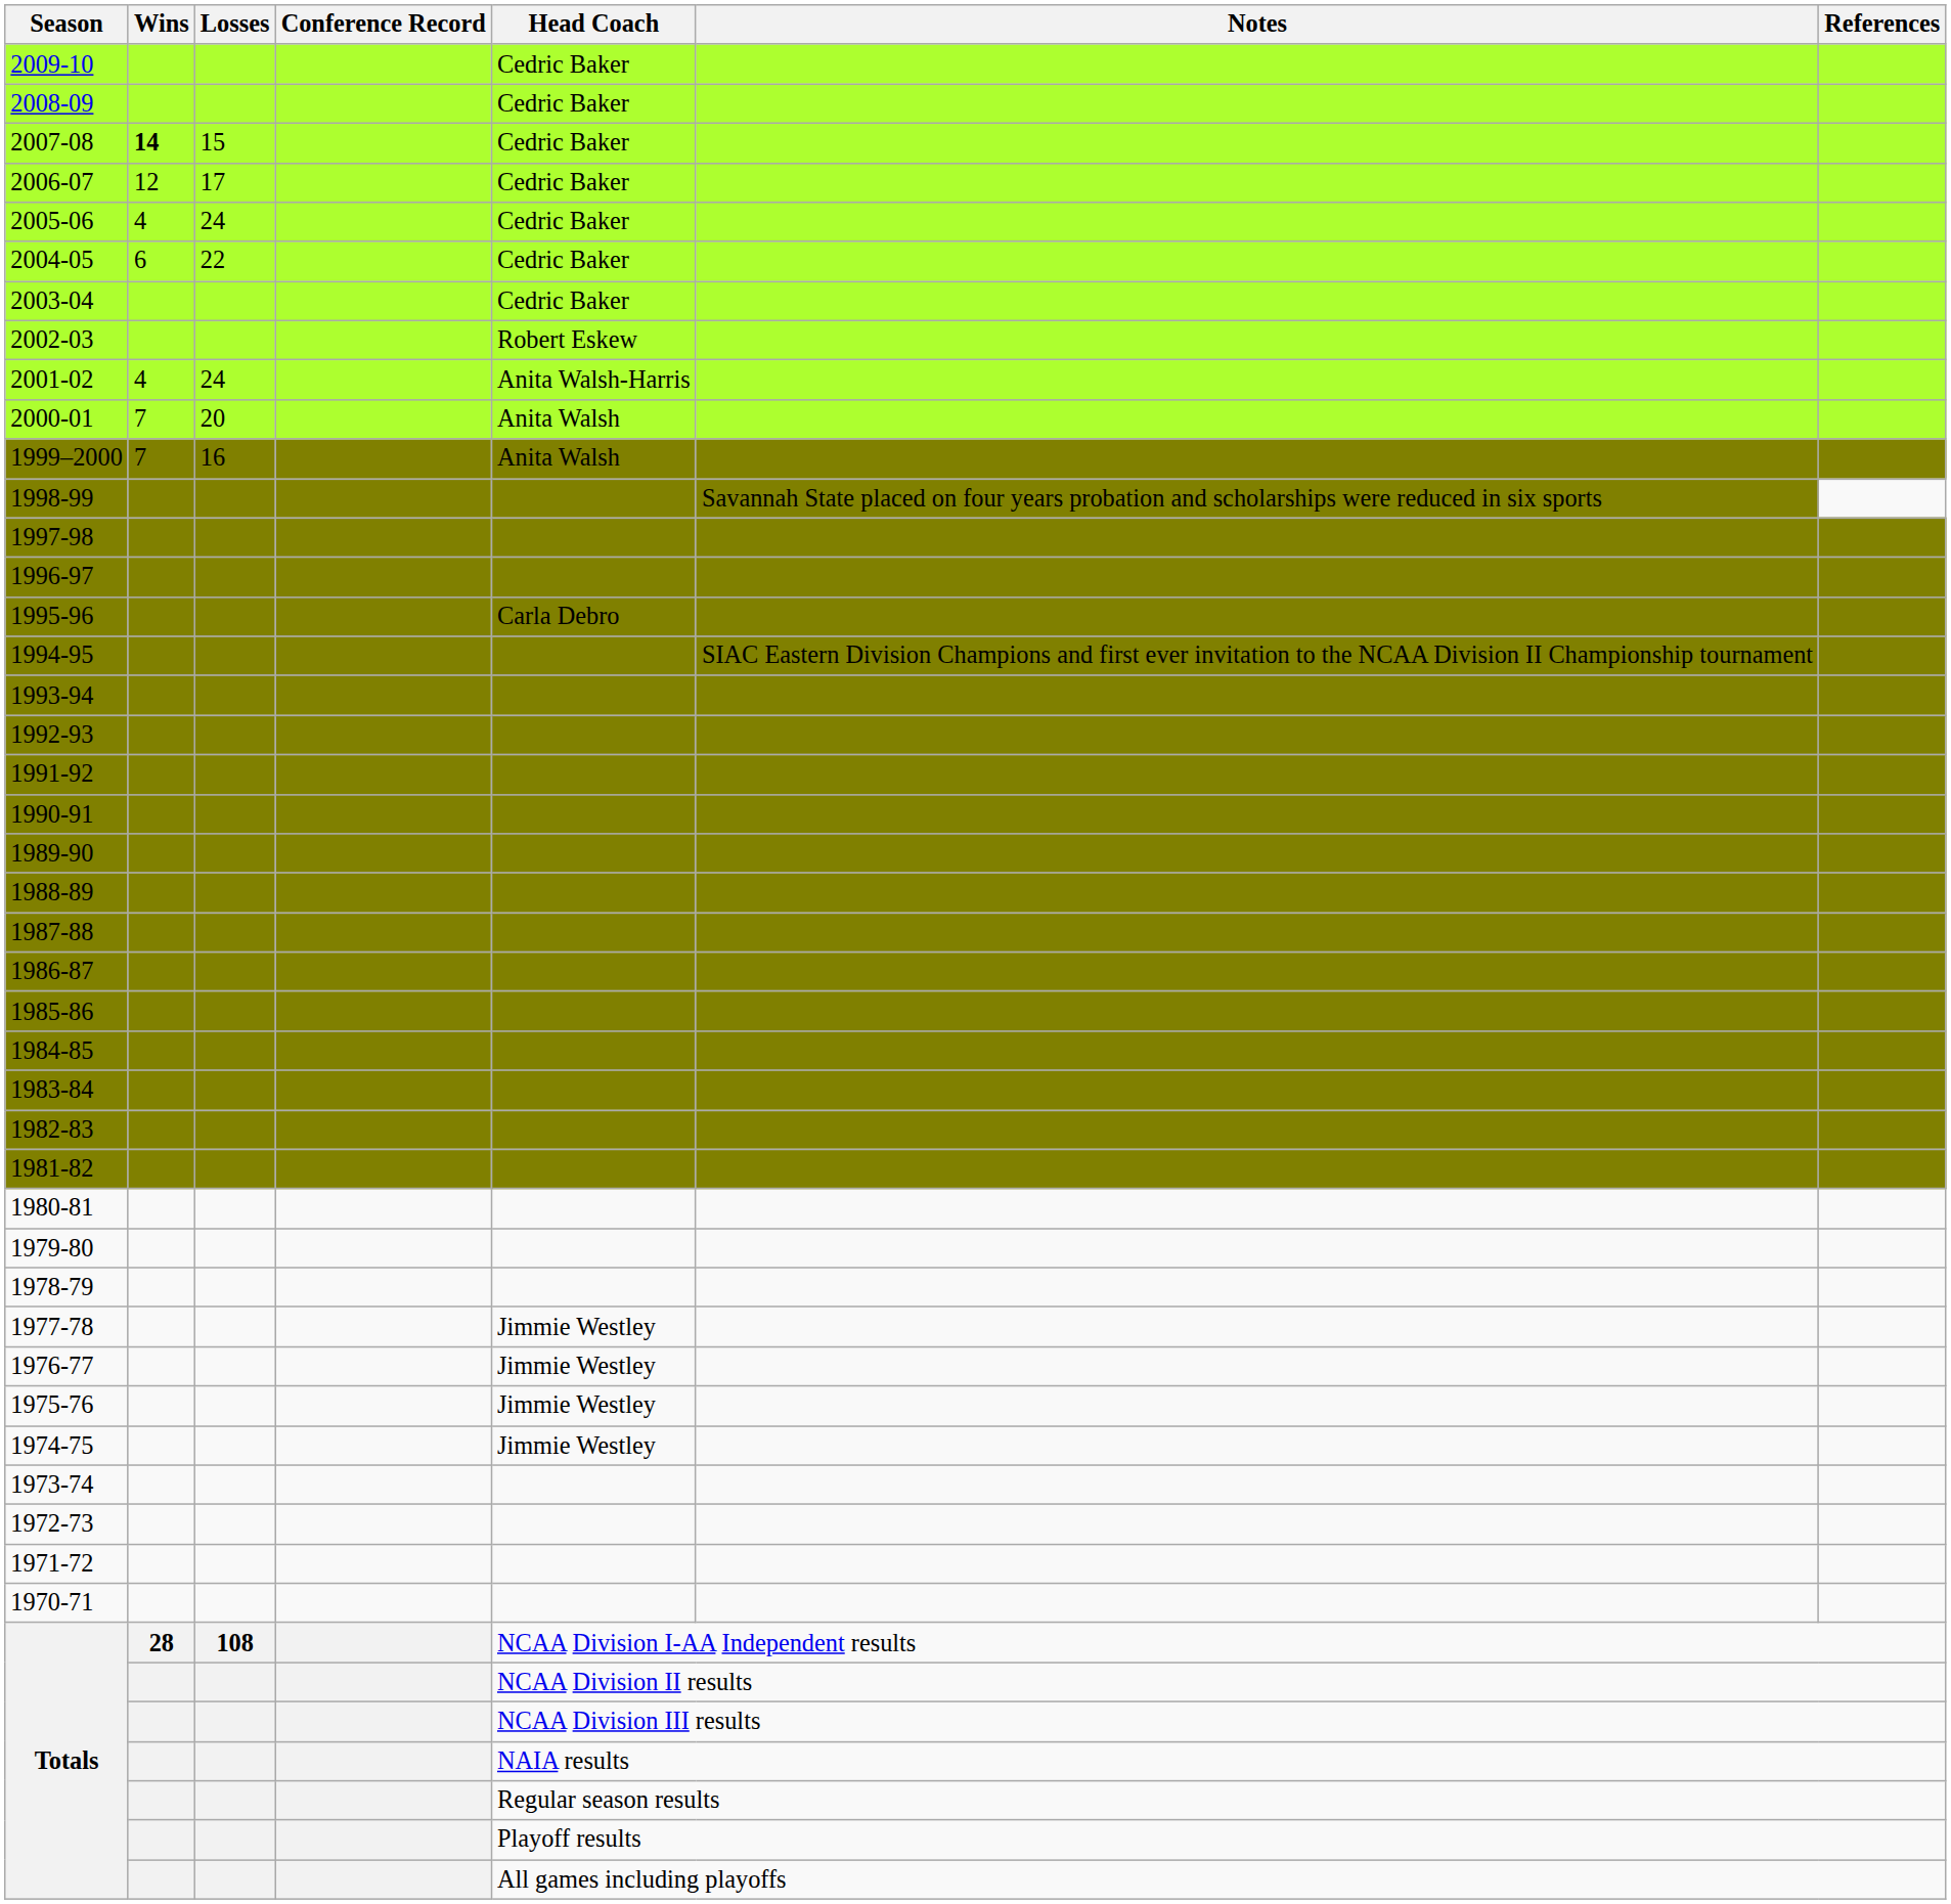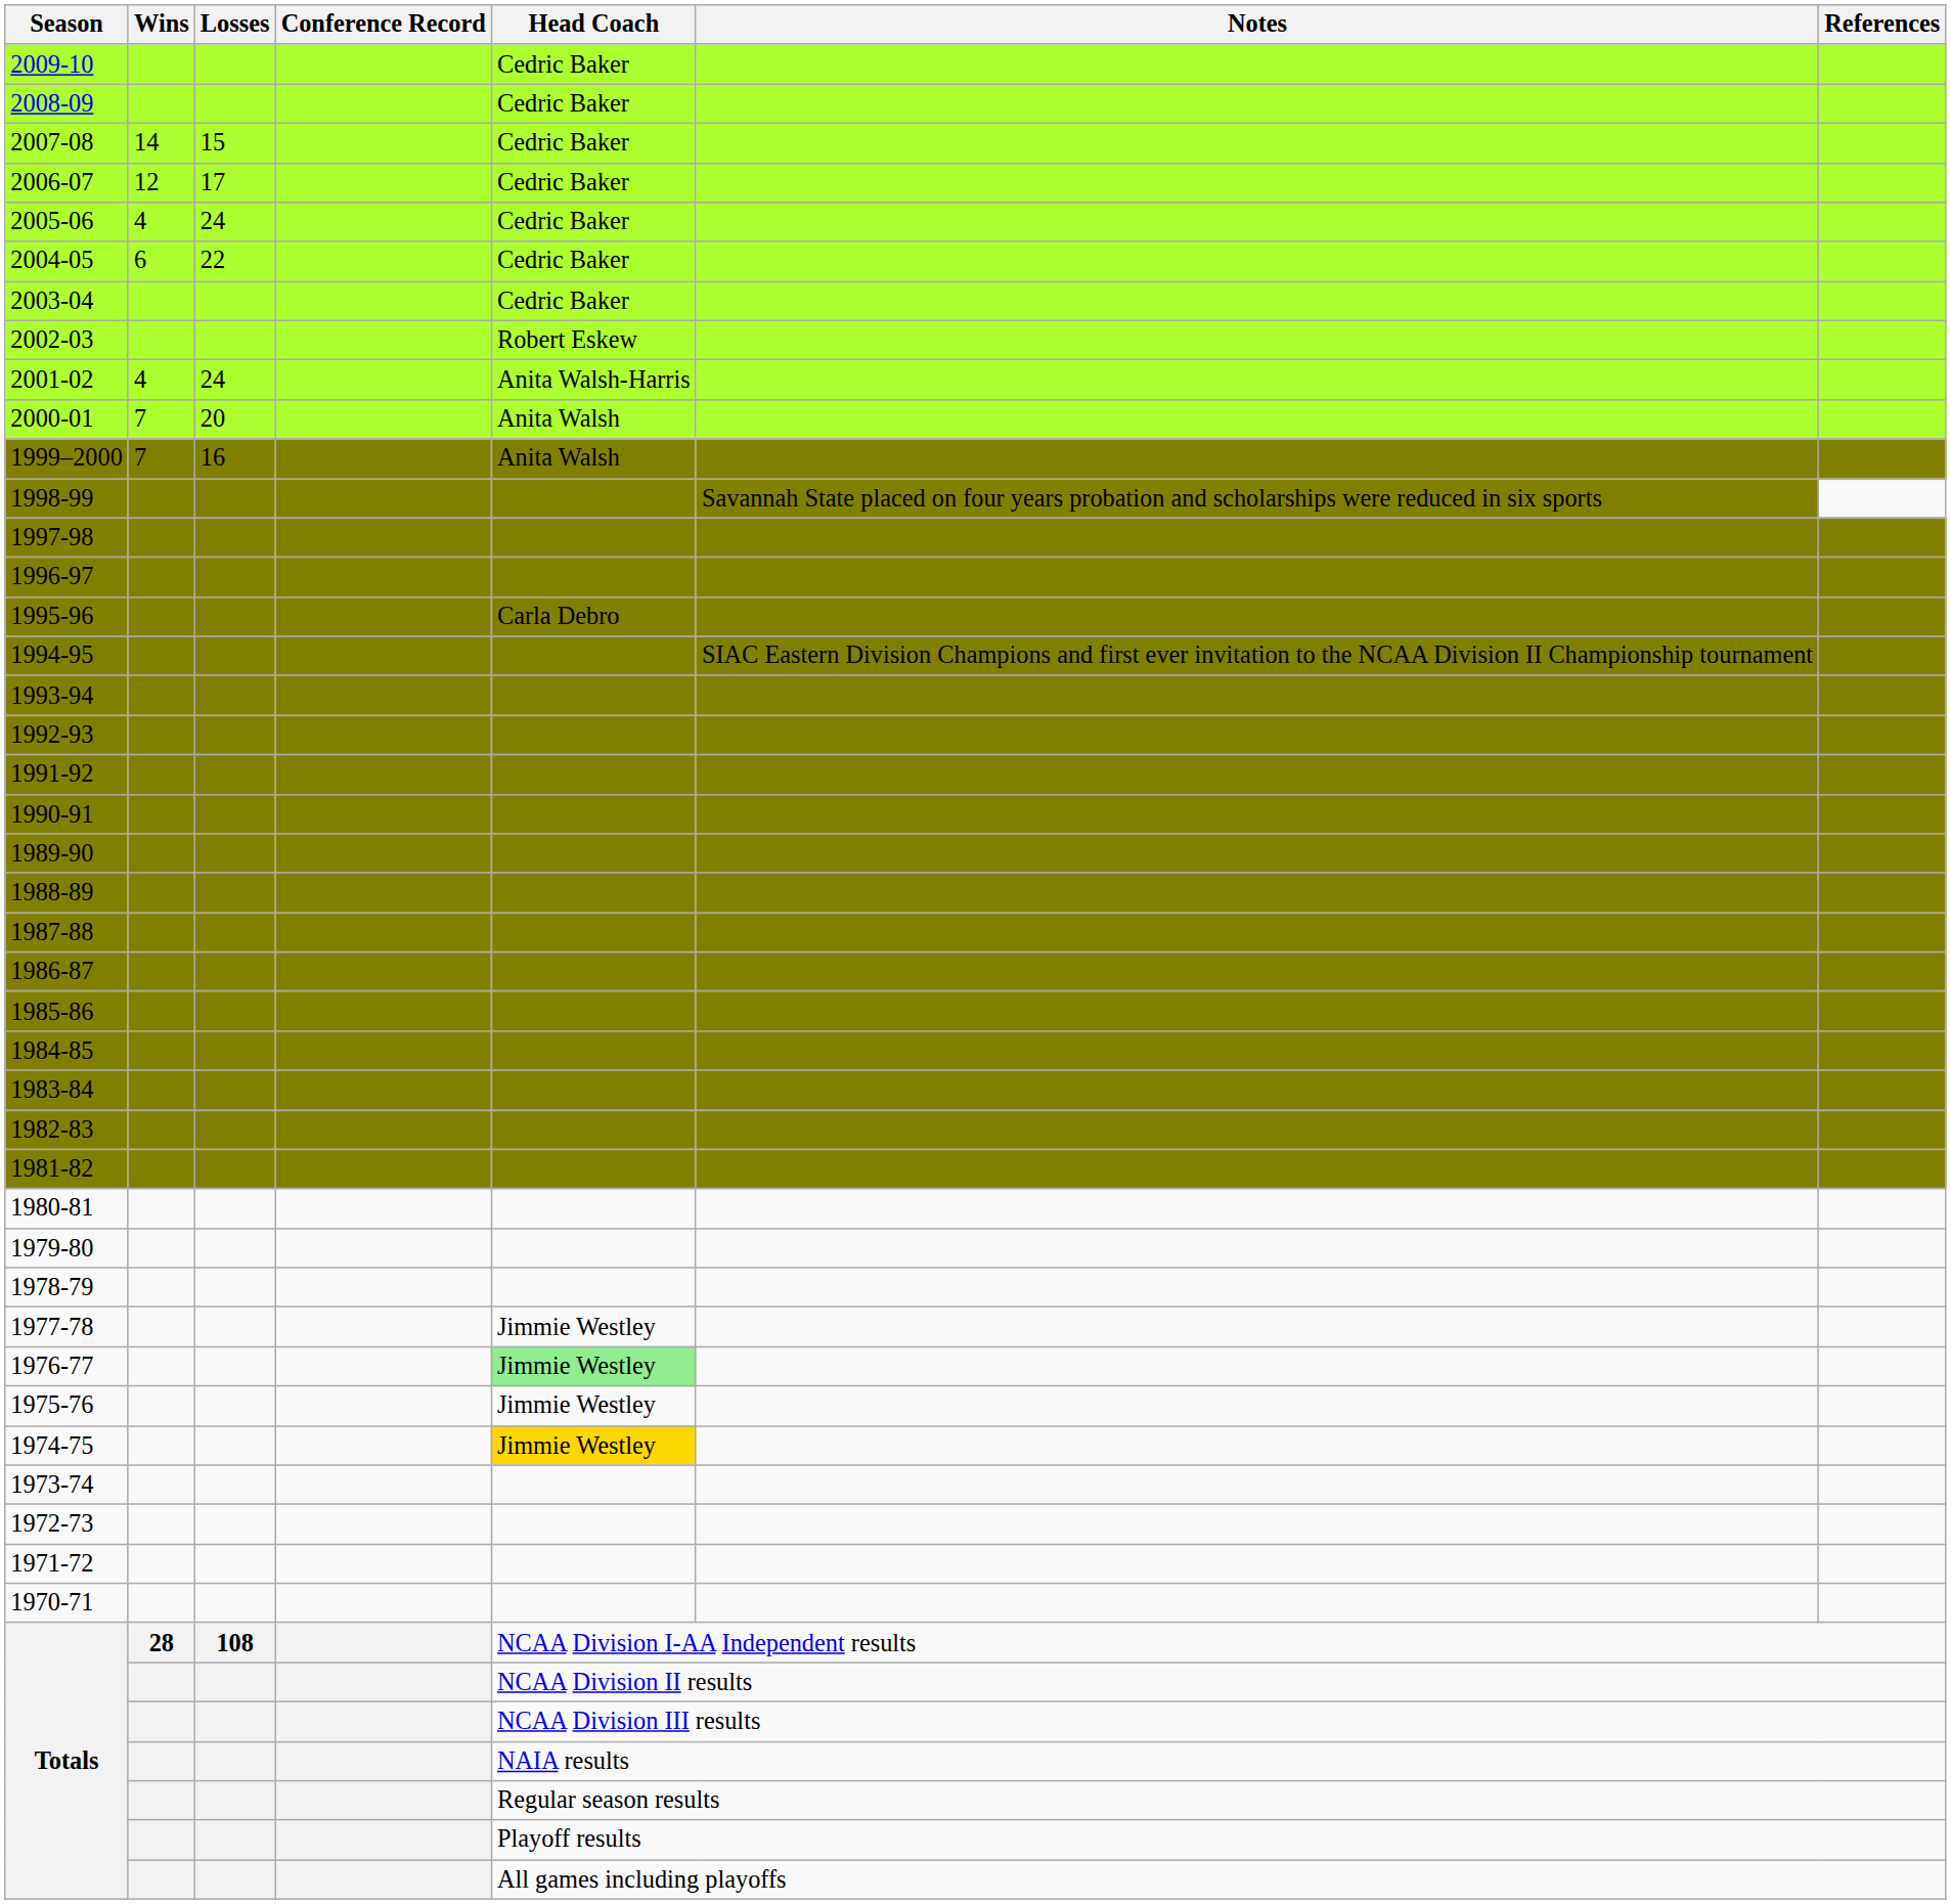 <table class="wikitable collapsible collapsed sortable">
 <tr>
 <th>Season</th>
 <th>Wins</th>
 <th>Losses</th>
 <th>Conference Record</th>
 <th>Head Coach</th>
 <th>Notes</th>
 <th>References</th>
 </tr>
 <tr style="background-color: #ADFF2F">
 <td><a href='#'>2009-10</a></td>
 <td></td>
 <td></td>
 <td></td>
 <td>Cedric Baker</td>
 <td></td>
 <td></td>
 </tr>
 <tr style="background-color: #ADFF2F">
 <td><a href='#'>2008-09</a></td>
 <td></td>
 <td></td>
 <td></td>
 <td>Cedric Baker</td>
 <td></td>
 <td></td>
 </tr>
 <tr style="background-color: #ADFF2F">
 <td>2007-08</td>
-<td><strong>14</strong></td>
+<td>14</td>
 <td>15</td>
 <td></td>
 <td>Cedric Baker</td>
 <td></td>
 <td></td>
 </tr>
 <tr style="background-color: #ADFF2F">
 <td>2006-07</td>
 <td>12</td>
 <td>17</td>
 <td></td>
 <td>Cedric Baker</td>
 <td></td>
 <td></td>
 </tr>
 <tr style="background-color: #ADFF2F">
 <td>2005-06</td>
 <td>4</td>
 <td>24</td>
 <td></td>
 <td>Cedric Baker</td>
 <td></td>
 <td></td>
 </tr>
 <tr style="background-color: #ADFF2F">
 <td>2004-05</td>
 <td>6</td>
 <td>22</td>
 <td></td>
 <td>Cedric Baker</td>
 <td></td>
 <td></td>
 </tr>
 <tr style="background-color: #ADFF2F">
 <td>2003-04</td>
 <td></td>
 <td></td>
 <td></td>
 <td>Cedric Baker</td>
 <td></td>
 <td></td>
 </tr>
 <tr style="background-color: #ADFF2F">
 <td>2002-03</td>
 <td></td>
 <td></td>
 <td></td>
 <td>Robert Eskew</td>
 <td></td>
 <td></td>
 </tr>
 <tr style="background-color: #ADFF2F">
 <td>2001-02</td>
 <td>4</td>
 <td>24</td>
 <td></td>
 <td>Anita Walsh-Harris</td>
 <td></td>
 <td></td>
 </tr>
 <tr style="background-color: #ADFF2F">
 <td>2000-01</td>
 <td>7</td>
 <td>20</td>
 <td></td>
 <td>Anita Walsh</td>
 <td></td>
 <td></td>
 </tr>
 <tr style="background-color: #808000">
 <td>1999–2000</td>
 <td>7</td>
 <td>16</td>
 <td></td>
 <td>Anita Walsh</td>
 <td></td>
 <td></td>
 </tr>
 <tr style="background-color: #808000">
 <td>1998-99</td>
 <td></td>
 <td></td>
 <td></td>
 <td></td>
 <td>Savannah State placed on four years probation and scholarships were reduced in six sports</td>
 </tr>
 <tr style="background-color: #808000">
 <td>1997-98</td>
 <td></td>
 <td></td>
 <td></td>
 <td></td>
 <td></td>
 <td></td>
 </tr>
 <tr style="background-color: #808000">
 <td>1996-97</td>
 <td></td>
 <td></td>
 <td></td>
 <td></td>
 <td></td>
 <td></td>
 </tr>
 <tr style="background-color: #808000">
 <td>1995-96</td>
 <td></td>
 <td></td>
 <td></td>
 <td>Carla Debro</td>
 <td></td>
 <td></td>
 </tr>
 <tr style="background-color: #808000">
 <td>1994-95</td>
 <td></td>
 <td></td>
 <td></td>
 <td></td>
 <td>SIAC Eastern Division Champions and first ever invitation to the NCAA Division II Championship tournament</td>
 <td></td>
 </tr>
 <tr style="background-color: #808000">
 <td>1993-94</td>
 <td></td>
 <td></td>
 <td></td>
 <td></td>
 <td></td>
 <td></td>
 </tr>
 <tr style="background-color: #808000">
 <td>1992-93</td>
 <td></td>
 <td></td>
 <td></td>
 <td></td>
 <td></td>
 <td></td>
 </tr>
 <tr style="background-color: #808000">
 <td>1991-92</td>
 <td></td>
 <td></td>
 <td></td>
 <td></td>
 <td></td>
 <td></td>
 </tr>
 <tr style="background-color: #808000">
 <td>1990-91</td>
 <td></td>
 <td></td>
 <td></td>
 <td></td>
 <td></td>
 <td></td>
 </tr>
 <tr style="background-color: #808000">
 <td>1989-90</td>
 <td></td>
 <td></td>
 <td></td>
 <td></td>
 <td></td>
 <td></td>
 </tr>
 <tr style="background-color: #808000">
 <td>1988-89</td>
 <td></td>
 <td></td>
 <td></td>
 <td></td>
 <td></td>
 <td></td>
 </tr>
 <tr style="background-color: #808000">
 <td>1987-88</td>
 <td></td>
 <td></td>
 <td></td>
 <td></td>
 <td></td>
 <td></td>
 </tr>
 <tr style="background-color: #808000">
 <td>1986-87</td>
 <td></td>
 <td></td>
 <td></td>
 <td></td>
 <td></td>
 <td></td>
 </tr>
 <tr style="background-color: #808000">
 <td>1985-86</td>
 <td></td>
 <td></td>
 <td></td>
 <td></td>
 <td></td>
 <td></td>
 </tr>
 <tr style="background-color: #808000">
 <td>1984-85</td>
 <td></td>
 <td></td>
 <td></td>
 <td></td>
 <td></td>
 <td></td>
 </tr>
 <tr style="background-color: #808000">
 <td>1983-84</td>
 <td></td>
 <td></td>
 <td></td>
 <td></td>
 <td></td>
 <td></td>
 </tr>
 <tr style="background-color: #808000">
 <td>1982-83</td>
 <td></td>
 <td></td>
 <td></td>
 <td></td>
 <td></td>
 <td></td>
 </tr>
 <tr style="background-color: #808000">
 <td>1981-82</td>
 <td></td>
 <td></td>
 <td></td>
 <td></td>
 <td></td>
 <td></td>
 </tr>
 <tr>
 <td>1980-81</td>
 <td></td>
 <td></td>
 <td></td>
 <td></td>
 <td></td>
 <td></td>
 </tr>
 <tr>
 <td>1979-80</td>
 <td></td>
 <td></td>
 <td></td>
 <td></td>
 <td></td>
 <td></td>
 </tr>
 <tr>
 <td>1978-79</td>
 <td></td>
 <td></td>
 <td></td>
 <td></td>
 <td></td>
 <td></td>
 </tr>
 <tr>
 <td>1977-78</td>
 <td></td>
 <td></td>
 <td></td>
 <td>Jimmie Westley</td>
 <td></td>
 <td></td>
 </tr>
 <tr>
 <td>1976-77</td>
 <td></td>
 <td></td>
 <td></td>
-<td>Jimmie Westley</td>
+<td style="background: lightgreen;">Jimmie Westley</td>
 <td></td>
 <td></td>
 </tr>
 <tr>
 <td>1975-76</td>
 <td></td>
 <td></td>
 <td></td>
 <td>Jimmie Westley</td>
 <td></td>
 <td></td>
 </tr>
 <tr>
 <td>1974-75</td>
 <td></td>
 <td></td>
 <td></td>
-<td>Jimmie Westley</td>
+<td style="background: gold;">Jimmie Westley</td>
 <td></td>
 <td></td>
 </tr>
 <tr>
 <td>1973-74</td>
 <td></td>
 <td></td>
 <td></td>
 <td></td>
 <td></td>
 <td></td>
 </tr>
 <tr>
 <td>1972-73</td>
 <td></td>
 <td></td>
 <td></td>
 <td></td>
 <td></td>
 <td></td>
 </tr>
 <tr>
 <td>1971-72</td>
 <td></td>
 <td></td>
 <td></td>
 <td></td>
 <td></td>
 <td></td>
 </tr>
 <tr>
 <td>1970-71</td>
 <td></td>
 <td></td>
 <td></td>
 <td></td>
 <td></td>
 <td></td>
 </tr>
 <tr>
 <th rowspan=7>Totals</th>
 <th>28</th>
 <th>108</th>
 <th></th>
 <td colspan=4><a href='#'>NCAA</a> <a href='#'>Division I-AA</a> <a href='#'>Independent</a> results</td>
 </tr>
 <tr>
 <th></th>
 <th></th>
 <th></th>
 <td colspan=4><a href='#'>NCAA</a> <a href='#'>Division II</a> results</td>
 </tr>
 <tr>
 <th></th>
 <th></th>
 <th></th>
 <td colspan=4><a href='#'>NCAA</a> <a href='#'>Division III</a> results</td>
 </tr>
 <tr>
 <th></th>
 <th></th>
 <th></th>
 <td colspan=4><a href='#'>NAIA</a> results</td>
 </tr>
 <tr>
 <th></th>
 <th></th>
 <th></th>
 <td colspan=4>Regular season results</td>
 </tr>
 <tr>
 <th></th>
 <th></th>
 <th></th>
 <td colspan=4>Playoff results</td>
 </tr>
 <tr>
 <th></th>
 <th></th>
 <th></th>
 <td colspan=4>All games including playoffs </td>
 </tr>
 </table>
